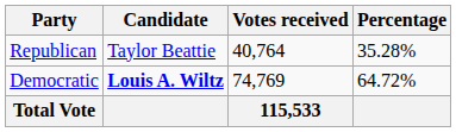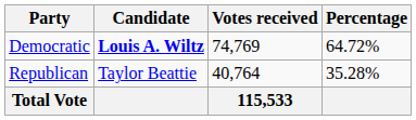 <table class="wikitable">
 <tr>
 <th>Party</th>
 <th>Candidate</th>
 <th>Votes received</th>
 <th>Percentage</th>
 </tr>
 <tr>
+<td><a href='#'>Democratic</a></td>
+<td><strong><a href='#'>Louis A. Wiltz</a></strong></td>
+<td>74,769</td>
+<td>64.72%</td>
+</tr>
+<tr>
 <td><a href='#'>Republican</a></td>
 <td><a href='#'>Taylor Beattie</a></td>
 <td>40,764</td>
 <td>35.28%</td>
-</tr>
-<tr>
-<td><a href='#'>Democratic</a></td>
-<td><strong><a href='#'>Louis A. Wiltz</a></strong></td>
-<td>74,769</td>
-<td>64.72%</td>
 </tr>
 <tr>
 <th>Total Vote</th>
 <th></th>
 <th>115,533</th>
 <th></th>
 </tr>
 <tr>
 </tr>
 </table>
